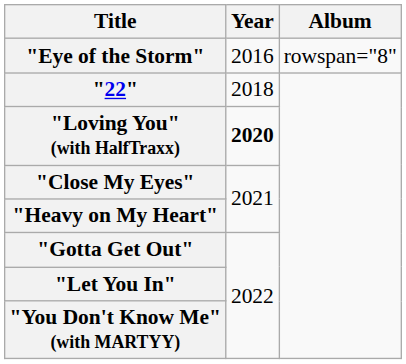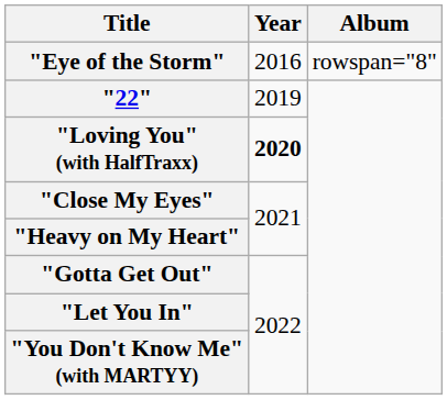 <table class="wikitable plainrowheaders" style="text-align:center;">
 <tr>
 <th scope="col">Title</th>
 <th scope="col">Year</th>
 <th scope="col">Album</th>
 </tr>
 <tr>
 <th scope="row">"Eye of the Storm"</th>
 <td>2016</td>
 <td>rowspan="8" </td>
 </tr>
 <tr>
 <th scope="row">"<a href='#'>22</a>"</th>
-<td>2018</td>
+<td>2019</td>
 </tr>
 <tr>
 <th scope="row">"Loving You"<br><small>(with HalfTraxx)</small></th>
 <td><strong>2020</strong></td>
 </tr>
 <tr>
 <th scope="row">"Close My Eyes"</th>
 <td rowspan="2">2021</td>
 </tr>
 <tr>
 <th scope="row">"Heavy on My Heart"</th>
 </tr>
 <tr>
 <th scope="row">"Gotta Get Out"</th>
 <td rowspan="3">2022</td>
 </tr>
 <tr>
 <th scope="row">"Let You In"</th>
 </tr>
 <tr>
 <th scope="row">"You Don't Know Me"<br><small>(with MARTYY)</small></th>
 </tr>
 </table>
